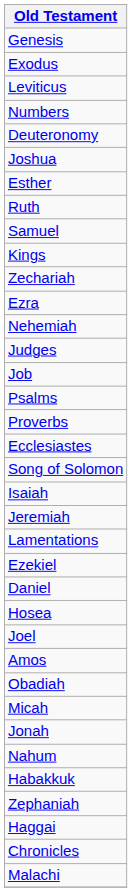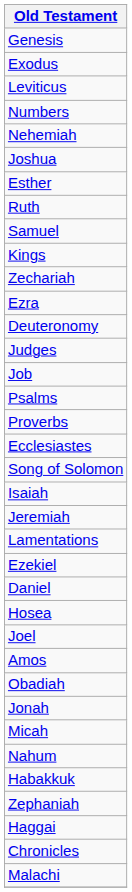 <table class=wikitable>
 <tr>
 <th><a href='#'>Old Testament</a></th>
 </tr>
 <tr>
 <td><a href='#'>Genesis</a></td>
 </tr>
 <tr>
 <td><a href='#'>Exodus</a></td>
 </tr>
 <tr>
 <td><a href='#'>Leviticus</a></td>
 </tr>
 <tr>
 <td><a href='#'>Numbers</a></td>
 </tr>
 <tr>
-<td><a href='#'>Deuteronomy</a></td>
+<td><a href='#'>Nehemiah</a></td>
 </tr>
 <tr>
 <td><a href='#'>Joshua</a></td>
 </tr>
 <tr>
 <td><a href='#'>Esther</a></td>
 </tr>
 <tr>
 <td><a href='#'>Ruth</a></td>
 </tr>
 <tr>
 <td><a href='#'>Samuel</a></td>
 </tr>
 <tr>
 <td><a href='#'>Kings</a></td>
 </tr>
 <tr>
 <td><a href='#'>Zechariah</a></td>
 </tr>
 <tr>
 <td><a href='#'>Ezra</a></td>
 </tr>
 <tr>
-<td><a href='#'>Nehemiah</a></td>
+<td><a href='#'>Deuteronomy</a></td>
 </tr>
 <tr>
 <td><a href='#'>Judges</a></td>
 </tr>
 <tr>
 <td><a href='#'>Job</a></td>
 </tr>
 <tr>
 <td><a href='#'>Psalms</a></td>
 </tr>
 <tr>
 <td><a href='#'>Proverbs</a></td>
 </tr>
 <tr>
 <td><a href='#'>Ecclesiastes</a></td>
 </tr>
 <tr>
 <td><a href='#'>Song of Solomon</a></td>
 </tr>
 <tr>
 <td><a href='#'>Isaiah</a></td>
 </tr>
 <tr>
 <td><a href='#'>Jeremiah</a></td>
 </tr>
 <tr>
 <td><a href='#'>Lamentations</a></td>
 </tr>
 <tr>
 <td><a href='#'>Ezekiel</a></td>
 </tr>
 <tr>
 <td><a href='#'>Daniel</a></td>
 </tr>
 <tr>
 <td><a href='#'>Hosea</a></td>
 </tr>
 <tr>
 <td><a href='#'>Joel</a></td>
 </tr>
 <tr>
 <td><a href='#'>Amos</a></td>
 </tr>
 <tr>
 <td><a href='#'>Obadiah</a></td>
 </tr>
 <tr>
-<td><a href='#'>Micah</a></td>
+<td><a href='#'>Jonah</a></td>
 </tr>
 <tr>
-<td><a href='#'>Jonah</a></td>
+<td><a href='#'>Micah</a></td>
 </tr>
 <tr>
 <td><a href='#'>Nahum</a></td>
 </tr>
 <tr>
 <td><a href='#'>Habakkuk</a></td>
 </tr>
 <tr>
 <td><a href='#'>Zephaniah</a></td>
 </tr>
 <tr>
 <td><a href='#'>Haggai</a></td>
 </tr>
 <tr>
 <td><a href='#'>Chronicles</a></td>
 </tr>
 <tr>
 <td><a href='#'>Malachi</a></td>
 </tr>
 <tr>
 </tr>
 </table>
